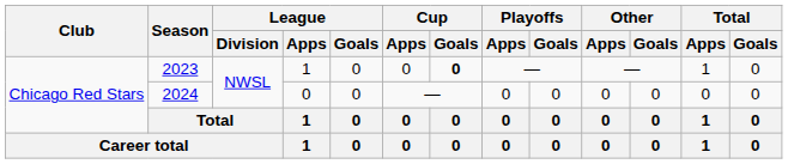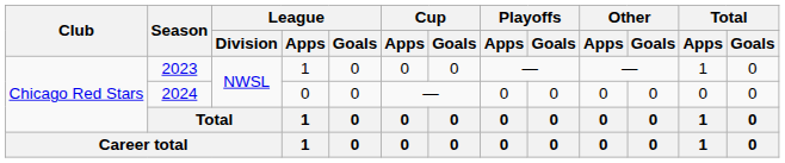 <table class="wikitable" style="text-align: center;">
 <tr>
 <th rowspan="2">Club</th>
 <th rowspan="2">Season</th>
 <th colspan="3">League</th>
 <th colspan="2">Cup</th>
 <th colspan="2">Playoffs</th>
 <th colspan="2">Other</th>
 <th colspan="2">Total</th>
 </tr>
 <tr>
 <th>Division</th>
 <th>Apps</th>
 <th>Goals</th>
 <th>Apps</th>
 <th>Goals</th>
 <th>Apps</th>
 <th>Goals</th>
 <th>Apps</th>
 <th>Goals</th>
 <th>Apps</th>
 <th>Goals</th>
 </tr>
 <tr>
 <td rowspan="3"><a href='#'>Chicago Red Stars</a></td>
 <td><a href='#'>2023</a></td>
 <td rowspan="2"><a href='#'>NWSL</a></td>
 <td>1</td>
 <td>0</td>
 <td>0</td>
-<td><strong>0</strong></td>
+<td>0</td>
 <td colspan="2">—</td>
 <td colspan="2">—</td>
 <td>1</td>
 <td>0</td>
 </tr>
 <tr>
 <td><a href='#'>2024</a></td>
 <td>0</td>
 <td>0</td>
 <td colspan="2">—</td>
 <td>0</td>
 <td>0</td>
 <td>0</td>
 <td>0</td>
 <td>0</td>
 <td>0</td>
 </tr>
 <tr>
 <th colspan="2">Total</th>
 <th>1</th>
 <th>0</th>
 <th>0</th>
 <th>0</th>
 <th>0</th>
 <th>0</th>
 <th>0</th>
 <th>0</th>
 <th>1</th>
 <th>0</th>
 </tr>
 <tr>
 <th colspan="3">Career total</th>
 <th>1</th>
 <th>0</th>
 <th>0</th>
 <th>0</th>
 <th>0</th>
 <th>0</th>
 <th>0</th>
 <th>0</th>
 <th>1</th>
 <th>0</th>
 </tr>
 </table>
